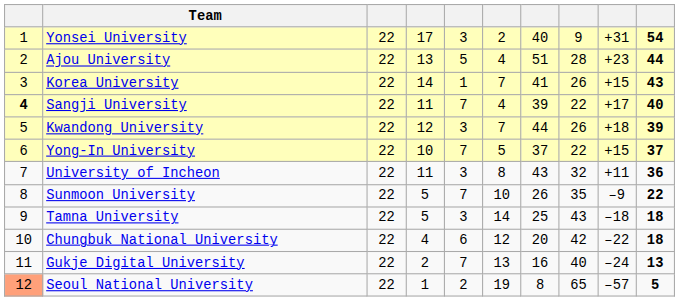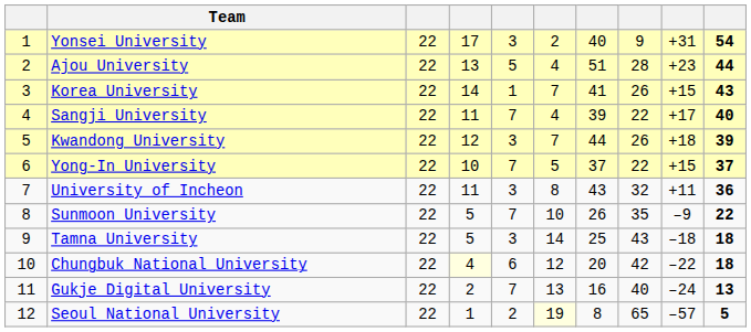 <table class="wikitable" style="text-align:center;">
 <tr>
 <th width=30></th>
 <th width=300>Team</th>
 <th width=30></th>
 <th width=30></th>
 <th width=30></th>
 <th width=30></th>
 <th width=30></th>
 <th width=30></th>
 <th width=30></th>
 <th width=30></th>
 </tr>
 <tr bgcolor=#ffffbb>
 <td>1</td>
 <td align=left><a href='#'>Yonsei University</a></td>
 <td>22</td>
 <td>17</td>
 <td>3</td>
 <td>2</td>
 <td>40</td>
 <td>9</td>
 <td>+31</td>
 <td><strong>54</strong></td>
 </tr>
 <tr bgcolor=#ffffbb>
 <td>2</td>
 <td align=left><a href='#'>Ajou University</a></td>
 <td>22</td>
 <td>13</td>
 <td>5</td>
 <td>4</td>
 <td>51</td>
 <td>28</td>
 <td>+23</td>
 <td><strong>44</strong></td>
 </tr>
 <tr bgcolor=#ffffbb>
 <td>3</td>
 <td align=left><a href='#'>Korea University</a></td>
 <td>22</td>
 <td>14</td>
 <td>1</td>
 <td>7</td>
 <td>41</td>
 <td>26</td>
 <td>+15</td>
 <td><strong>43</strong></td>
 </tr>
 <tr bgcolor=#ffffbb>
-<td><strong>4</strong></td>
+<td>4</td>
 <td align=left><a href='#'>Sangji University</a></td>
 <td>22</td>
 <td>11</td>
 <td>7</td>
 <td>4</td>
 <td>39</td>
 <td>22</td>
 <td>+17</td>
 <td><strong>40</strong></td>
 </tr>
 <tr bgcolor=#ffffbb>
 <td>5</td>
 <td align=left><a href='#'>Kwandong University</a></td>
 <td>22</td>
 <td>12</td>
 <td>3</td>
 <td>7</td>
 <td>44</td>
 <td>26</td>
 <td>+18</td>
 <td><strong>39</strong></td>
 </tr>
 <tr bgcolor=#ffffbb>
 <td>6</td>
 <td align=left><a href='#'>Yong-In University</a></td>
 <td>22</td>
 <td>10</td>
 <td>7</td>
 <td>5</td>
 <td>37</td>
 <td>22</td>
 <td>+15</td>
 <td><strong>37</strong></td>
 </tr>
 <tr>
 <td>7</td>
 <td align=left><a href='#'>University of Incheon</a></td>
 <td>22</td>
 <td>11</td>
 <td>3</td>
 <td>8</td>
 <td>43</td>
 <td>32</td>
 <td>+11</td>
 <td><strong>36</strong></td>
 </tr>
 <tr>
 <td>8</td>
 <td align=left><a href='#'>Sunmoon University</a></td>
 <td>22</td>
 <td>5</td>
 <td>7</td>
 <td>10</td>
 <td>26</td>
 <td>35</td>
 <td>–9</td>
 <td><strong>22</strong></td>
 </tr>
 <tr>
 <td>9</td>
 <td align=left><a href='#'>Tamna University</a></td>
 <td>22</td>
 <td>5</td>
 <td>3</td>
 <td>14</td>
 <td>25</td>
 <td>43</td>
 <td>–18</td>
 <td><strong>18</strong></td>
 </tr>
 <tr>
 <td>10</td>
 <td align=left><a href='#'>Chungbuk National University</a></td>
 <td>22</td>
-<td>4</td>
+<td style="background: lightyellow;">4</td>
 <td>6</td>
 <td>12</td>
 <td>20</td>
 <td>42</td>
 <td>–22</td>
 <td><strong>18</strong></td>
 </tr>
 <tr>
 <td>11</td>
 <td align=left><a href='#'>Gukje Digital University</a></td>
 <td>22</td>
 <td>2</td>
 <td>7</td>
 <td>13</td>
 <td>16</td>
 <td>40</td>
 <td>–24</td>
 <td><strong>13</strong></td>
 </tr>
 <tr>
-<td style="background: lightsalmon;">12</td>
+<td>12</td>
 <td align=left><a href='#'>Seoul National University</a></td>
 <td>22</td>
 <td>1</td>
 <td>2</td>
-<td>19</td>
+<td style="background: lightyellow;">19</td>
 <td>8</td>
 <td>65</td>
 <td>–57</td>
 <td><strong>5</strong></td>
 </tr>
 </table>
